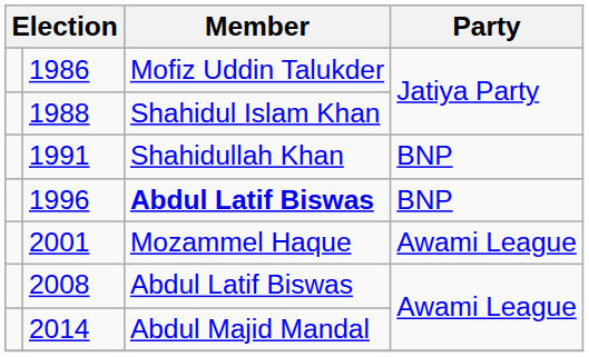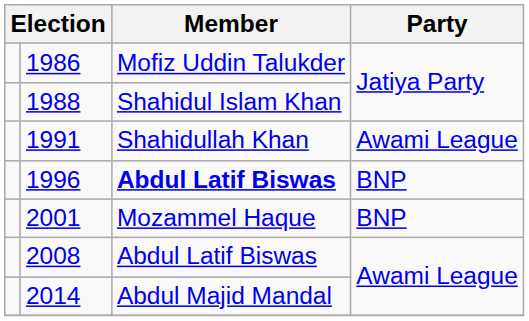 <table class="wikitable">
 <tr>
 <th colspan="2">Election</th>
 <th>Member</th>
 <th>Party</th>
 </tr>
 <tr>
 <td style="background-color:"></td>
 <td><a href='#'>1986</a></td>
 <td><a href='#'>Mofiz Uddin Talukder</a></td>
 <td rowspan="2"><a href='#'>Jatiya Party</a></td>
 </tr>
 <tr>
 <td style="background-color:"></td>
 <td><a href='#'>1988</a></td>
 <td><a href='#'>Shahidul Islam Khan</a></td>
 </tr>
 <tr>
 <td style="background-color:"></td>
 <td><a href='#'>1991</a></td>
 <td><a href='#'>Shahidullah Khan</a></td>
-<td><a href='#'>BNP</a></td>
+<td><a href='#'>Awami League</a></td>
 </tr>
 <tr>
 <td style="background-color:"></td>
 <td><a href='#'>1996</a></td>
 <td><strong><a href='#'>Abdul Latif Biswas</a></strong></td>
 <td><a href='#'>BNP</a></td>
 </tr>
 <tr>
 <td style="background-color:"></td>
 <td><a href='#'>2001</a></td>
 <td><a href='#'>Mozammel Haque</a></td>
-<td><a href='#'>Awami League</a></td>
+<td><a href='#'>BNP</a></td>
 </tr>
 <tr>
 <td style="background-color:"></td>
 <td><a href='#'>2008</a></td>
 <td><a href='#'>Abdul Latif Biswas</a></td>
 <td rowspan="2"><a href='#'>Awami League</a></td>
 </tr>
 <tr>
 <td style="background-color:"></td>
 <td><a href='#'>2014</a></td>
 <td><a href='#'>Abdul Majid Mandal</a></td>
 </tr>
 <tr>
 </tr>
 </table>
